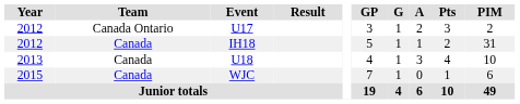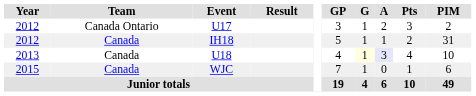 <table border="0" cellpadding="1" cellspacing="0" style="text-align:center; width:40em">
 <tr ALIGN="centre" bgcolor="#e0e0e0">
 <th>Year</th>
 <th>Team</th>
 <th>Event</th>
 <th>Result</th>
 <th rowspan="99" bgcolor="#ffffff"> </th>
 <th>GP</th>
 <th>G</th>
 <th>A</th>
 <th>Pts</th>
 <th>PIM</th>
 </tr>
 <tr ALIGN="centre">
 <td><a href='#'>2012</a></td>
 <td>Canada Ontario</td>
 <td><a href='#'>U17</a></td>
 <td></td>
 <td>3</td>
 <td>1</td>
 <td>2</td>
 <td>3</td>
 <td>2</td>
 </tr>
 <tr ALIGN="centre" bgcolor="#f0f0f0">
 <td><a href='#'>2012</a></td>
 <td><a href='#'>Canada</a></td>
 <td><a href='#'>IH18</a></td>
 <td></td>
 <td>5</td>
 <td>1</td>
 <td>1</td>
 <td>2</td>
 <td>31</td>
 </tr>
 <tr ALIGN="centre">
 <td><a href='#'>2013</a></td>
 <td>Canada</td>
 <td><a href='#'>U18</a></td>
 <td></td>
 <td>4</td>
-<td>1</td>
-<td>3</td>
+<td style="background: lightyellow;">1</td>
+<td style="background: lavender;">3</td>
 <td>4</td>
 <td>10</td>
 </tr>
 <tr bgcolor="#f0f0f0">
 <td><a href='#'>2015</a></td>
 <td><a href='#'>Canada</a></td>
 <td><a href='#'>WJC</a></td>
 <td></td>
 <td>7</td>
 <td>1</td>
 <td>0</td>
 <td>1</td>
 <td>6</td>
 </tr>
 <tr bgcolor="#e0e0e0">
 <th colspan="4">Junior totals</th>
 <th>19</th>
 <th>4</th>
 <th>6</th>
 <th>10</th>
 <th>49</th>
 </tr>
 </table>
